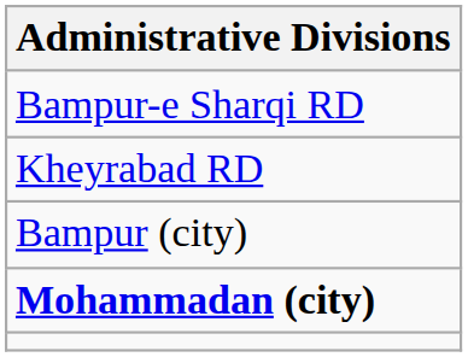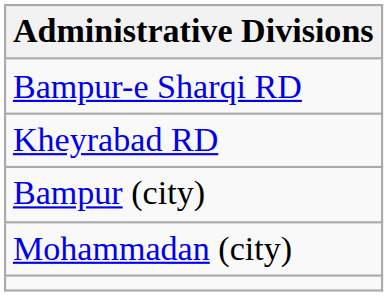 <table class="wikitable">
 <tr>
 <th>Administrative Divisions</th>
 </tr>
 <tr>
 <td><a href='#'>Bampur-e Sharqi RD</a></td>
 </tr>
 <tr>
 <td><a href='#'>Kheyrabad RD</a></td>
 </tr>
 <tr>
 <td><a href='#'>Bampur</a> (city)</td>
 </tr>
 <tr>
-<td><strong><a href='#'>Mohammadan</a> (city)</strong></td>
+<td><a href='#'>Mohammadan</a> (city)</td>
 </tr>
 <tr>
 <td colspan=1></td>
 </tr>
 </table>
